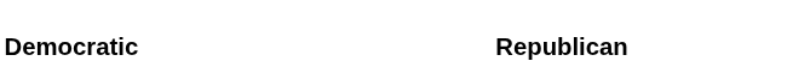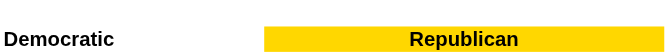 <table style="width:40em; text-align:center">
 <tr style="color:white">
 <td style="background:"><strong>45</strong></td>
 <td style="background:"><strong>51</strong></td>
 </tr>
 <tr>
 <td><span><strong>Democratic</strong></span></td>
-<td><span><strong>Republican</strong></span></td>
+<td style="background: gold;"><span><strong>Republican</strong></span></td>
 </tr>
 </table>
